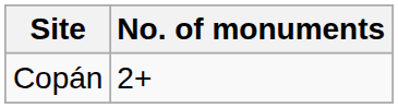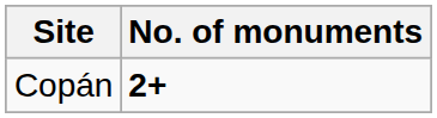 <table class="wikitable" style="margin: 1em auto 1em auto">
 <tr>
 <th>Site</th>
 <th>No. of monuments</th>
 </tr>
 <tr>
 <td>Copán</td>
-<td>2+</td>
+<td><strong>2+</strong></td>
 </tr>
 </table>
